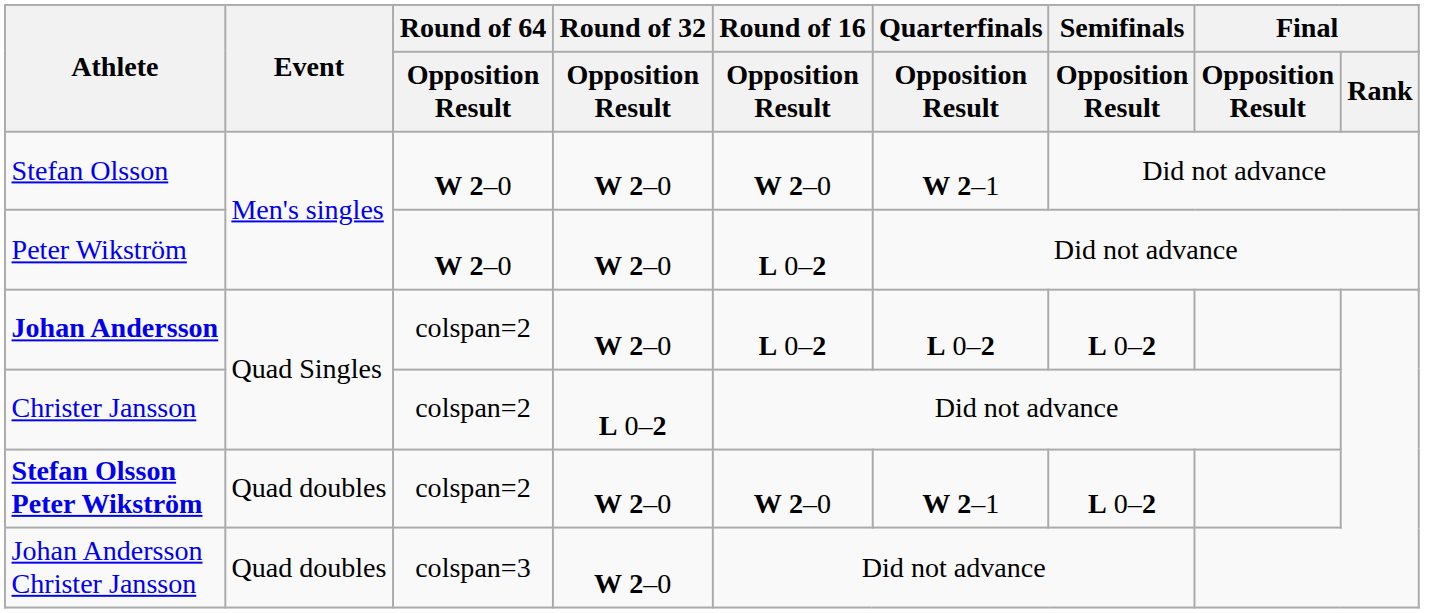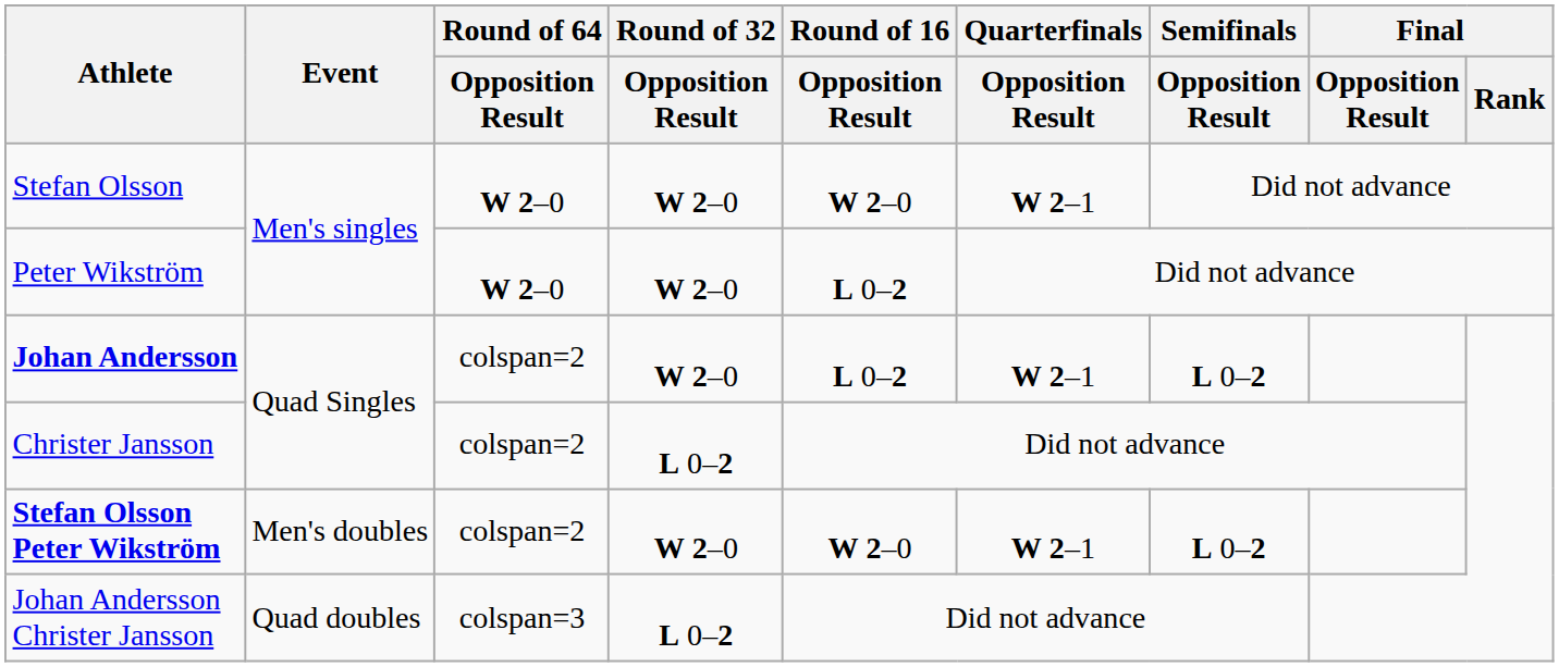 <table class=wikitable style="font-size:90%">
 <tr>
 <th rowspan="2">Athlete</th>
 <th rowspan="2">Event</th>
 <th>Round of 64</th>
 <th>Round of 32</th>
 <th>Round of 16</th>
 <th>Quarterfinals</th>
 <th>Semifinals</th>
 <th colspan="2">Final</th>
 </tr>
 <tr>
 <th>Opposition<br>Result</th>
 <th>Opposition<br>Result</th>
 <th>Opposition<br>Result</th>
 <th>Opposition<br>Result</th>
 <th>Opposition<br>Result</th>
 <th>Opposition<br>Result</th>
 <th>Rank</th>
 </tr>
 <tr align=center>
 <td align=left><a href='#'>Stefan Olsson</a></td>
 <td align=left rowspan=2><a href='#'>Men's singles</a></td>
 <td><br><strong>W</strong> <strong>2</strong>–0</td>
 <td><br><strong>W</strong> <strong>2</strong>–0</td>
 <td><br><strong>W</strong> <strong>2</strong>–0</td>
 <td><br><strong>W</strong> <strong>2</strong>–1</td>
 <td colspan=3>Did not advance</td>
 </tr>
 <tr align=center>
 <td align=left><a href='#'>Peter Wikström</a></td>
 <td><br><strong>W</strong> <strong>2</strong>–0</td>
 <td><br><strong>W</strong> <strong>2</strong>–0</td>
 <td><br><strong>L</strong> 0–<strong>2</strong></td>
 <td colspan=4>Did not advance</td>
 </tr>
 <tr align=center>
 <td align=left><strong><a href='#'>Johan Andersson</a></strong></td>
 <td align=left rowspan=2>Quad Singles</td>
 <td>colspan=2 </td>
 <td><br><strong>W</strong> <strong>2</strong>–0</td>
 <td><br><strong>L</strong> 0–<strong>2</strong></td>
-<td><br><strong>L</strong> 0–<strong>2</strong></td>
+<td><br><strong>W</strong> <strong>2</strong>–1</td>
 <td><br><strong>L</strong> 0–<strong>2</strong></td>
 <td></td>
 </tr>
 <tr align=center>
 <td align=left><a href='#'>Christer Jansson</a></td>
 <td>colspan=2 </td>
 <td><br><strong>L</strong> 0–<strong>2</strong></td>
 <td colspan=4>Did not advance</td>
 </tr>
 <tr align=center>
 <td align=left><strong><a href='#'>Stefan Olsson</a><br><a href='#'>Peter Wikström</a></strong></td>
-<td align=left>Quad doubles</td>
+<td align=left>Men's doubles</td>
 <td>colspan=2 </td>
 <td><br><strong>W</strong> <strong>2</strong>–0</td>
 <td><br><strong>W</strong> <strong>2</strong>–0</td>
 <td><br><strong>W</strong> <strong>2</strong>–1</td>
 <td><br><strong>L</strong> 0–<strong>2</strong></td>
 <td></td>
 </tr>
 <tr align=center>
 <td align=left><a href='#'>Johan Andersson</a><br><a href='#'>Christer Jansson</a></td>
 <td align=left>Quad doubles</td>
 <td>colspan=3 </td>
-<td><br><strong>W</strong> <strong>2</strong>–0</td>
+<td><br><strong>L</strong> 0–<strong>2</strong></td>
 <td colspan=3>Did not advance</td>
 </tr>
 </table>
